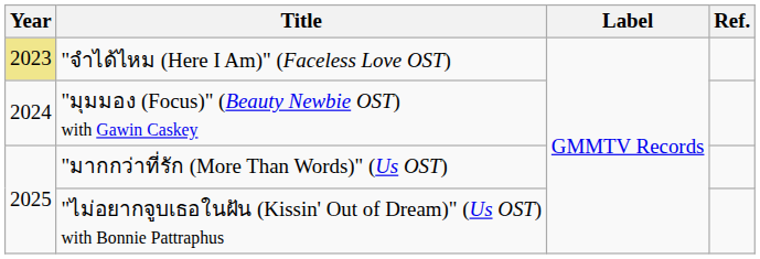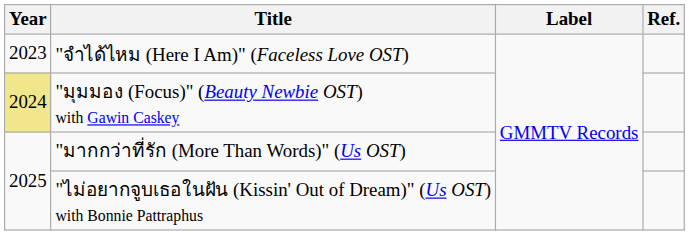 <table class="wikitable sortable">
 <tr>
 <th scope="col">Year</th>
 <th scope="col">Title</th>
 <th scope="col">Label</th>
 <th scope="col" class="unsortable">Ref.</th>
 </tr>
 <tr>
-<td style="background: khaki;">2023</td>
+<td>2023</td>
 <td>"จำได้ไหม (Here I Am)" (<em>Faceless Love OST</em>)</td>
 <td rowspan="4"><a href='#'>GMMTV Records</a></td>
 <td style="text-align: center;"></td>
 </tr>
 <tr>
-<td>2024</td>
+<td style="background: khaki;">2024</td>
 <td>"มุมมอง (Focus)" (<em><a href='#'>Beauty Newbie</a> OST</em>)<br><small>with <a href='#'>Gawin Caskey</a></small></td>
 <td style="text-align: center;"></td>
 </tr>
 <tr>
 <td rowspan="2">2025</td>
 <td>"มากกว่าที่รัก (More Than Words)" (<em><a href='#'>Us</a> OST</em>)</td>
 <td style="text-align: center;"></td>
 </tr>
 <tr>
 <td>"ไม่อยากจูบเธอในฝัน (Kissin' Out of Dream)" (<em><a href='#'>Us</a> OST</em>)<br><small>with Bonnie Pattraphus</small></td>
 <td style="text-align: center;"></td>
 </tr>
 </table>
